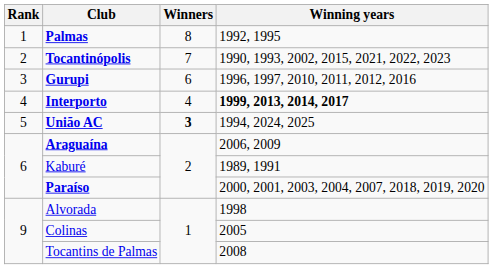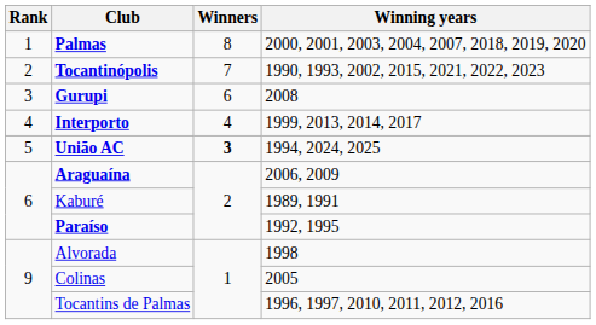 <table class="wikitable sortable">
 <tr>
 <th>Rank</th>
 <th>Club</th>
 <th>Winners</th>
 <th>Winning years</th>
 </tr>
 <tr>
 <td align="center">1</td>
 <td><strong><a href='#'>Palmas</a></strong></td>
 <td align="center">8</td>
-<td>1992, 1995</td>
+<td>2000, 2001, 2003, 2004, 2007, 2018, 2019, 2020</td>
 </tr>
 <tr>
 <td align="center">2</td>
 <td><strong><a href='#'>Tocantinópolis</a></strong></td>
 <td align="center">7</td>
 <td>1990, 1993, 2002, 2015, 2021, 2022, 2023</td>
 </tr>
 <tr>
 <td align="center">3</td>
 <td><strong><a href='#'>Gurupi</a></strong></td>
 <td align="center">6</td>
-<td>1996, 1997, 2010, 2011, 2012, 2016</td>
+<td>2008</td>
 </tr>
 <tr>
 <td align="center">4</td>
 <td><strong><a href='#'>Interporto</a></strong></td>
 <td align="center">4</td>
-<td><strong>1999, 2013, 2014, 2017</strong></td>
+<td>1999, 2013, 2014, 2017</td>
 </tr>
 <tr>
 <td align="center">5</td>
 <td><strong><a href='#'>União AC</a></strong></td>
 <td align="center"><strong>3</strong></td>
 <td>1994, 2024, 2025</td>
 </tr>
 <tr>
 <td rowspan=3 align="center">6</td>
 <td><strong><a href='#'>Araguaína</a></strong></td>
 <td rowspan=3 align="center">2</td>
 <td>2006, 2009</td>
 </tr>
 <tr>
 <td><a href='#'>Kaburé</a></td>
 <td>1989, 1991</td>
 </tr>
 <tr>
 <td><strong><a href='#'>Paraíso</a></strong></td>
-<td>2000, 2001, 2003, 2004, 2007, 2018, 2019, 2020</td>
+<td>1992, 1995</td>
 </tr>
 <tr>
 <td rowspan=3 align="center">9</td>
 <td><a href='#'>Alvorada</a></td>
 <td rowspan=3 align="center">1</td>
 <td>1998</td>
 </tr>
 <tr>
 <td><a href='#'>Colinas</a></td>
 <td>2005</td>
 </tr>
 <tr>
 <td><a href='#'>Tocantins de Palmas</a></td>
-<td>2008</td>
+<td>1996, 1997, 2010, 2011, 2012, 2016</td>
 </tr>
 </table>
